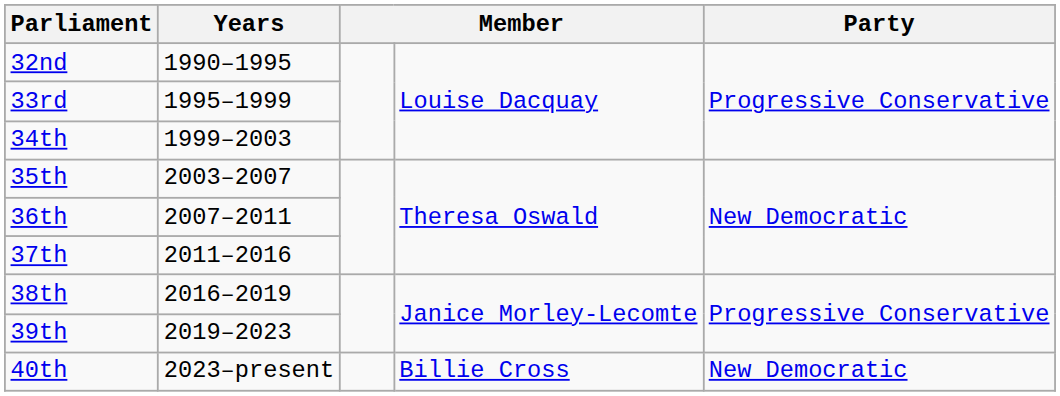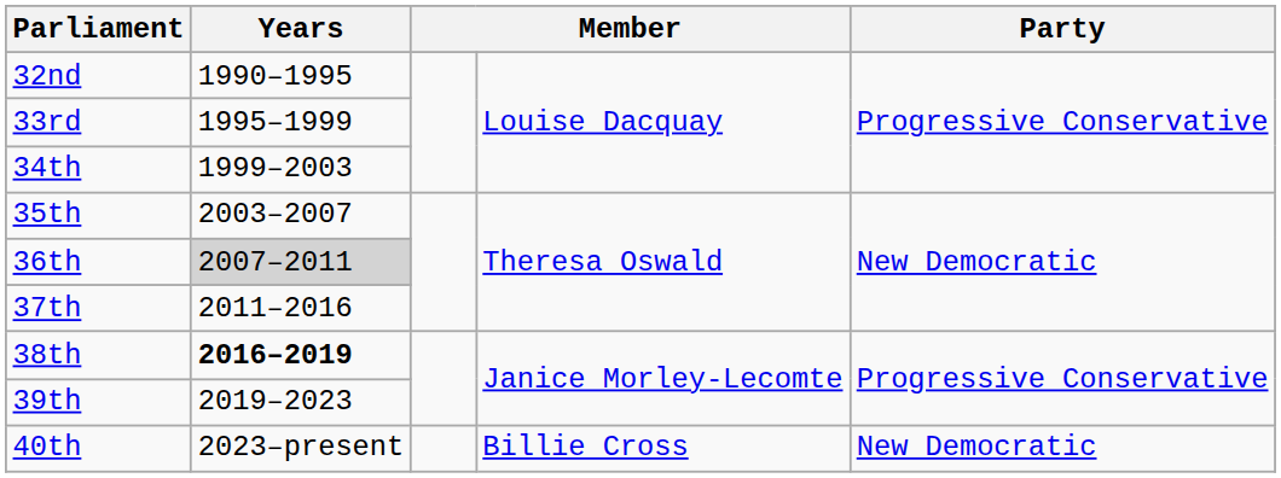 <table class="wikitable">
 <tr>
 <th>Parliament</th>
 <th>Years</th>
 <th colspan="2">Member</th>
 <th>Party<br></th>
 </tr>
 <tr>
 <td><a href='#'>32nd</a></td>
 <td>1990–1995</td>
 <td rowspan="3" >   </td>
 <td rowspan="3"><a href='#'>Louise Dacquay</a></td>
 <td rowspan="3"><a href='#'>Progressive Conservative</a></td>
 </tr>
 <tr>
 <td><a href='#'>33rd</a></td>
 <td>1995–1999</td>
 </tr>
 <tr>
 <td><a href='#'>34th</a></td>
 <td>1999–2003</td>
 </tr>
 <tr>
 <td><a href='#'>35th</a></td>
 <td>2003–2007</td>
 <td rowspan="3" >   </td>
 <td rowspan="3"><a href='#'>Theresa Oswald</a></td>
 <td rowspan="3"><a href='#'>New Democratic</a></td>
 </tr>
 <tr>
 <td><a href='#'>36th</a></td>
-<td>2007–2011</td>
+<td style="background: lightgrey;">2007–2011</td>
 </tr>
 <tr>
 <td><a href='#'>37th</a></td>
 <td>2011–2016</td>
 </tr>
 <tr>
 <td><a href='#'>38th</a></td>
-<td>2016–2019</td>
+<td><strong>2016–2019</strong></td>
 <td rowspan="2" >   </td>
 <td rowspan="2"><a href='#'>Janice Morley-Lecomte</a></td>
 <td rowspan="2"><a href='#'>Progressive Conservative</a></td>
 </tr>
 <tr>
 <td><a href='#'>39th</a></td>
 <td>2019–2023</td>
 </tr>
 <tr>
 <td><a href='#'>40th</a></td>
 <td>2023–present</td>
 <td rowspan="2" >   </td>
 <td rowspan="2"><a href='#'>Billie Cross</a></td>
 <td rowspan="2"><a href='#'>New Democratic</a></td>
 </tr>
 </table>
